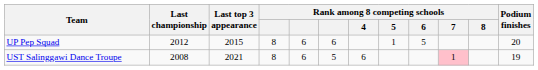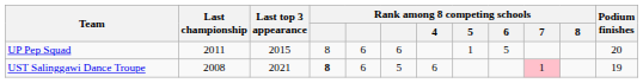 <table class="wikitable" style="text align:center; font-size:90%;">
 <tr bgcolor="#efefef">
 <th rowspan=2 width=220px>Team</th>
 <th rowspan=2>Last<br>championship</th>
 <th rowspan=2>Last top 3<br>appearance</th>
 <th colspan=8>Rank among 8 competing schools</th>
 <th rowspan=2 width=40px>Podium finishes</th>
 </tr>
 <tr>
 <th width=40px></th>
 <th width=40px></th>
 <th width=40px></th>
 <th width=40px>4</th>
 <th width=40px>5</th>
 <th width=40px>6</th>
 <th width=40px>7</th>
 <th width=40px>8</th>
 </tr>
 <tr>
 <td><a href='#'>UP Pep Squad</a></td>
-<td align="center">2012</td>
+<td align="center">2011</td>
 <td align="center">2015</td>
 <td align="center">8</td>
 <td align="center">6</td>
 <td align="center">6</td>
 <td align="center"></td>
 <td align="center">1</td>
 <td align="center">5</td>
 <td align="center"></td>
 <td align="center"></td>
 <td align="center">20</td>
 </tr>
 <tr>
 <td><a href='#'>UST Salinggawi Dance Troupe</a></td>
 <td align="center">2008</td>
 <td align="center">2021</td>
-<td align="center">8</td>
+<td align="center"><strong>8</strong></td>
 <td align="center">6</td>
 <td align="center">5</td>
 <td align="center">6</td>
 <td align="center"></td>
 <td align="center"></td>
 <td align="center" style="background: pink;">1</td>
 <td align="center"></td>
 <td align="center">19</td>
 </tr>
 </table>
